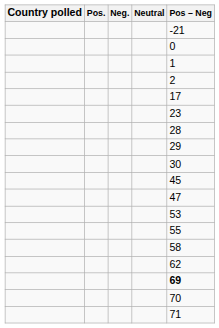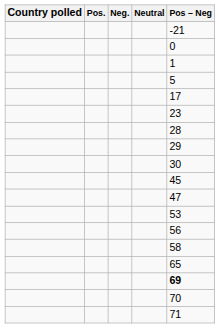 <table class="wikitable sortable floatright" style="border:1px black; float:right; margin-left:1em;">
 <tr>
 <th>Country polled</th>
 <th><small>Pos.</small></th>
 <th><small>Neg.</small></th>
 <th><small>Neutral</small></th>
 <th><small>Pos – Neg</small></th>
 </tr>
 <tr>
 <td></td>
 <td></td>
 <td></td>
 <td></td>
 <td><span>-21</span></td>
 </tr>
 <tr>
 <td></td>
 <td></td>
 <td></td>
 <td></td>
 <td><span>0</span></td>
 </tr>
 <tr>
 <td></td>
 <td></td>
 <td></td>
 <td></td>
 <td><span>1</span></td>
 </tr>
 <tr>
 <td></td>
 <td></td>
 <td></td>
 <td></td>
-<td><span>2</span></td>
+<td><span>5</span></td>
 </tr>
 <tr>
 <td></td>
 <td></td>
 <td></td>
 <td></td>
 <td><span>17</span></td>
 </tr>
 <tr>
 <td></td>
 <td></td>
 <td></td>
 <td></td>
 <td><span>23</span></td>
 </tr>
 <tr>
 <td></td>
 <td></td>
 <td></td>
 <td></td>
 <td><span>28</span></td>
 </tr>
 <tr>
 <td></td>
 <td></td>
 <td></td>
 <td></td>
 <td><span>29</span></td>
 </tr>
 <tr>
 <td></td>
 <td></td>
 <td></td>
 <td></td>
 <td><span>30</span></td>
 </tr>
 <tr>
 <td></td>
 <td></td>
 <td></td>
 <td></td>
 <td><span>45</span></td>
 </tr>
 <tr>
 <td></td>
 <td></td>
 <td></td>
 <td></td>
 <td><span>47</span></td>
 </tr>
 <tr>
 <td></td>
 <td></td>
 <td></td>
 <td></td>
 <td><span>53</span></td>
 </tr>
 <tr>
 <td></td>
 <td></td>
 <td></td>
 <td></td>
-<td><span>55</span></td>
+<td><span>56</span></td>
 </tr>
 <tr>
 <td></td>
 <td></td>
 <td></td>
 <td></td>
 <td><span>58</span></td>
 </tr>
 <tr>
 <td></td>
 <td></td>
 <td></td>
 <td></td>
-<td><span>62</span></td>
+<td><span>65</span></td>
 </tr>
 <tr>
 <td></td>
 <td></td>
 <td></td>
 <td></td>
 <td><strong><span>69</span></strong></td>
 </tr>
 <tr>
 <td></td>
 <td></td>
 <td></td>
 <td></td>
 <td><span>70</span></td>
 </tr>
 <tr>
 <td></td>
 <td></td>
 <td></td>
 <td></td>
 <td><span>71</span></td>
 </tr>
 </table>
